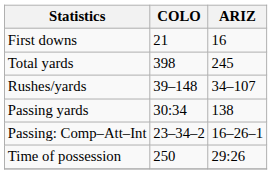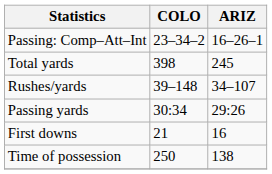 <table class="wikitable" style="float: left;">
 <tr>
 <th>Statistics</th>
 <th>COLO</th>
 <th>ARIZ</th>
 </tr>
 <tr>
-<td>First downs</td>
-<td>21</td>
-<td>16</td>
+<td>Passing: Comp–Att–Int</td>
+<td>23–34–2</td>
+<td>16–26–1</td>
 </tr>
 <tr>
 <td>Total yards</td>
 <td>398</td>
 <td>245</td>
 </tr>
 <tr>
 <td>Rushes/yards</td>
 <td>39–148</td>
 <td>34–107</td>
 </tr>
 <tr>
 <td>Passing yards</td>
 <td>30:34</td>
-<td>138</td>
+<td>29:26</td>
 </tr>
 <tr>
-<td>Passing: Comp–Att–Int</td>
-<td>23–34–2</td>
-<td>16–26–1</td>
+<td>First downs</td>
+<td>21</td>
+<td>16</td>
 </tr>
 <tr>
 <td>Time of possession</td>
 <td>250</td>
-<td>29:26</td>
+<td>138</td>
 </tr>
 <tr>
 </tr>
 </table>
